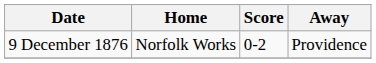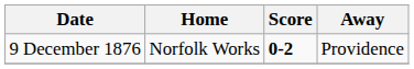 <table class="wikitable">
 <tr>
 <th>Date</th>
 <th>Home</th>
 <th>Score</th>
 <th>Away</th>
 </tr>
 <tr>
 <td>9 December 1876</td>
 <td>Norfolk Works</td>
-<td>0-2</td>
+<td><strong>0-2</strong></td>
 <td>Providence</td>
 </tr>
 <tr>
 </tr>
 </table>
